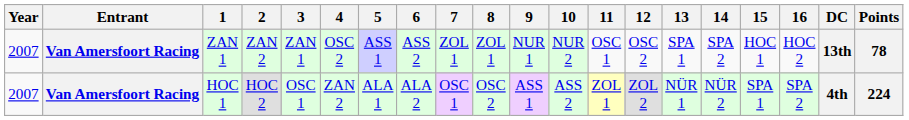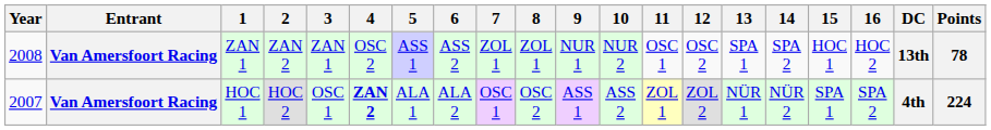 <table class="wikitable" style="text-align:center; font-size:85%">
 <tr>
 <th>Year</th>
 <th>Entrant</th>
 <th>1</th>
 <th>2</th>
 <th>3</th>
 <th>4</th>
 <th>5</th>
 <th>6</th>
 <th>7</th>
 <th>8</th>
 <th>9</th>
 <th>10</th>
 <th>11</th>
 <th>12</th>
 <th>13</th>
 <th>14</th>
 <th>15</th>
 <th>16</th>
 <th>DC</th>
 <th>Points</th>
 </tr>
 <tr>
-<td><a href='#'>2007</a></td>
+<td><a href='#'>2008</a></td>
 <th nowrap><a href='#'>Van Amersfoort Racing</a></th>
 <td style="background:#dfffdf;"><a href='#'>ZAN<br>1</a><br></td>
 <td style="background:#dfffdf;"><a href='#'>ZAN<br>2</a><br></td>
 <td style="background:#dfffdf;"><a href='#'>ZAN<br>1</a><br></td>
 <td style="background:#dfffdf;"><a href='#'>OSC<br>2</a><br></td>
 <td style="background:#cfcfff;"><a href='#'>ASS<br>1</a><br></td>
 <td style="background:#dfffdf;"><a href='#'>ASS<br>2</a><br></td>
 <td style="background:#dfffdf;"><a href='#'>ZOL<br>1</a><br></td>
 <td style="background:#dfffdf;"><a href='#'>ZOL<br>1</a><br></td>
 <td style="background:#dfffdf;"><a href='#'>NUR<br>1</a><br></td>
 <td style="background:#dfffdf;"><a href='#'>NUR<br>2</a><br></td>
 <td><a href='#'>OSC<br>1</a></td>
 <td><a href='#'>OSC<br>2</a></td>
 <td><a href='#'>SPA<br>1</a></td>
 <td><a href='#'>SPA<br>2</a></td>
 <td><a href='#'>HOC<br>1</a></td>
 <td><a href='#'>HOC<br>2</a></td>
 <th>13th</th>
 <th>78</th>
 </tr>
 <tr>
 <td><a href='#'>2007</a></td>
 <th nowrap><a href='#'>Van Amersfoort Racing</a></th>
 <td style="background:#dfffdf;"><a href='#'>HOC<br>1</a><br></td>
 <td style="background:#dfdfdf;"><a href='#'>HOC<br>2</a><br></td>
 <td style="background:#dfffdf;"><a href='#'>OSC<br>1</a><br></td>
-<td style="background:#dfffdf;"><a href='#'>ZAN<br>2</a><br></td>
+<td style="background:#dfffdf;"><strong><a href='#'>ZAN<br>2</a><br></strong></td>
 <td style="background:#dfffdf;"><a href='#'>ALA<br>1</a><br></td>
 <td style="background:#dfffdf;"><a href='#'>ALA<br>2</a><br></td>
 <td style="background:#efcfff;"><a href='#'>OSC<br>1</a><br></td>
 <td style="background:#dfffdf;"><a href='#'>OSC<br>2</a><br></td>
 <td style="background:#efcfff;"><a href='#'>ASS<br>1</a><br></td>
 <td style="background:#dfffdf;"><a href='#'>ASS<br>2</a><br></td>
 <td style="background:#ffffbf;"><a href='#'>ZOL<br>1</a><br></td>
 <td style="background:#dfdfdf;"><a href='#'>ZOL<br>2</a><br></td>
 <td style="background:#dfffdf;"><a href='#'>NÜR<br>1</a><br></td>
 <td style="background:#dfffdf;"><a href='#'>NÜR<br>2</a><br></td>
 <td style="background:#dfffdf;"><a href='#'>SPA<br>1</a><br></td>
 <td style="background:#dfffdf;"><a href='#'>SPA<br>2</a><br></td>
 <th>4th</th>
 <th>224</th>
 </tr>
 </table>
